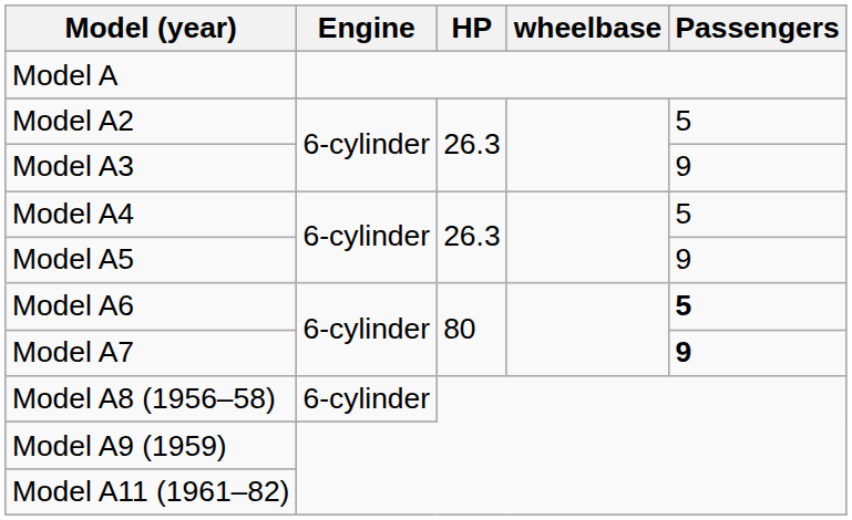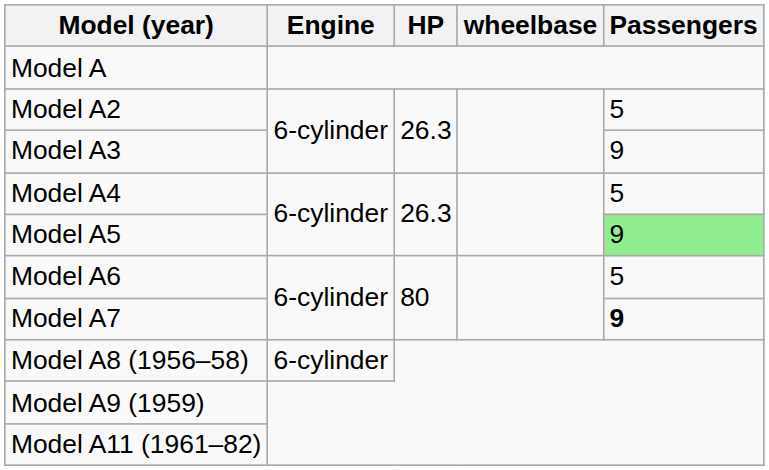 <table class="wikitable floatright" |style="width:25em;font-size:90%;">
 <tr>
 <th>Model (year)</th>
 <th>Engine</th>
 <th>HP</th>
 <th>wheelbase</th>
 <th>Passengers</th>
 </tr>
 <tr>
 <td>Model A</td>
 </tr>
 <tr>
 <td>Model A2</td>
 <td rowspan=2>6-cylinder</td>
 <td rowspan=2>26.3</td>
 <td rowspan=2></td>
 <td>5</td>
 </tr>
 <tr>
 <td>Model A3</td>
 <td>9</td>
 </tr>
 <tr>
 <td>Model A4</td>
 <td rowspan=2>6-cylinder</td>
 <td rowspan=2>26.3</td>
 <td rowspan=2></td>
 <td>5</td>
 </tr>
 <tr>
 <td>Model A5</td>
-<td>9</td>
+<td style="background: lightgreen;">9</td>
 </tr>
 <tr>
 <td>Model A6</td>
 <td rowspan=2>6-cylinder</td>
 <td rowspan=2>80</td>
 <td rowspan=2></td>
-<td><strong>5</strong></td>
+<td>5</td>
 </tr>
 <tr>
 <td>Model A7</td>
 <td><strong>9</strong></td>
 </tr>
 <tr>
 <td>Model A8 (1956–58)</td>
 <td>6-cylinder</td>
 </tr>
 <tr>
 <td>Model A9 (1959)</td>
 </tr>
 <tr>
 <td>Model A11 (1961–82)</td>
 </tr>
 </table>
